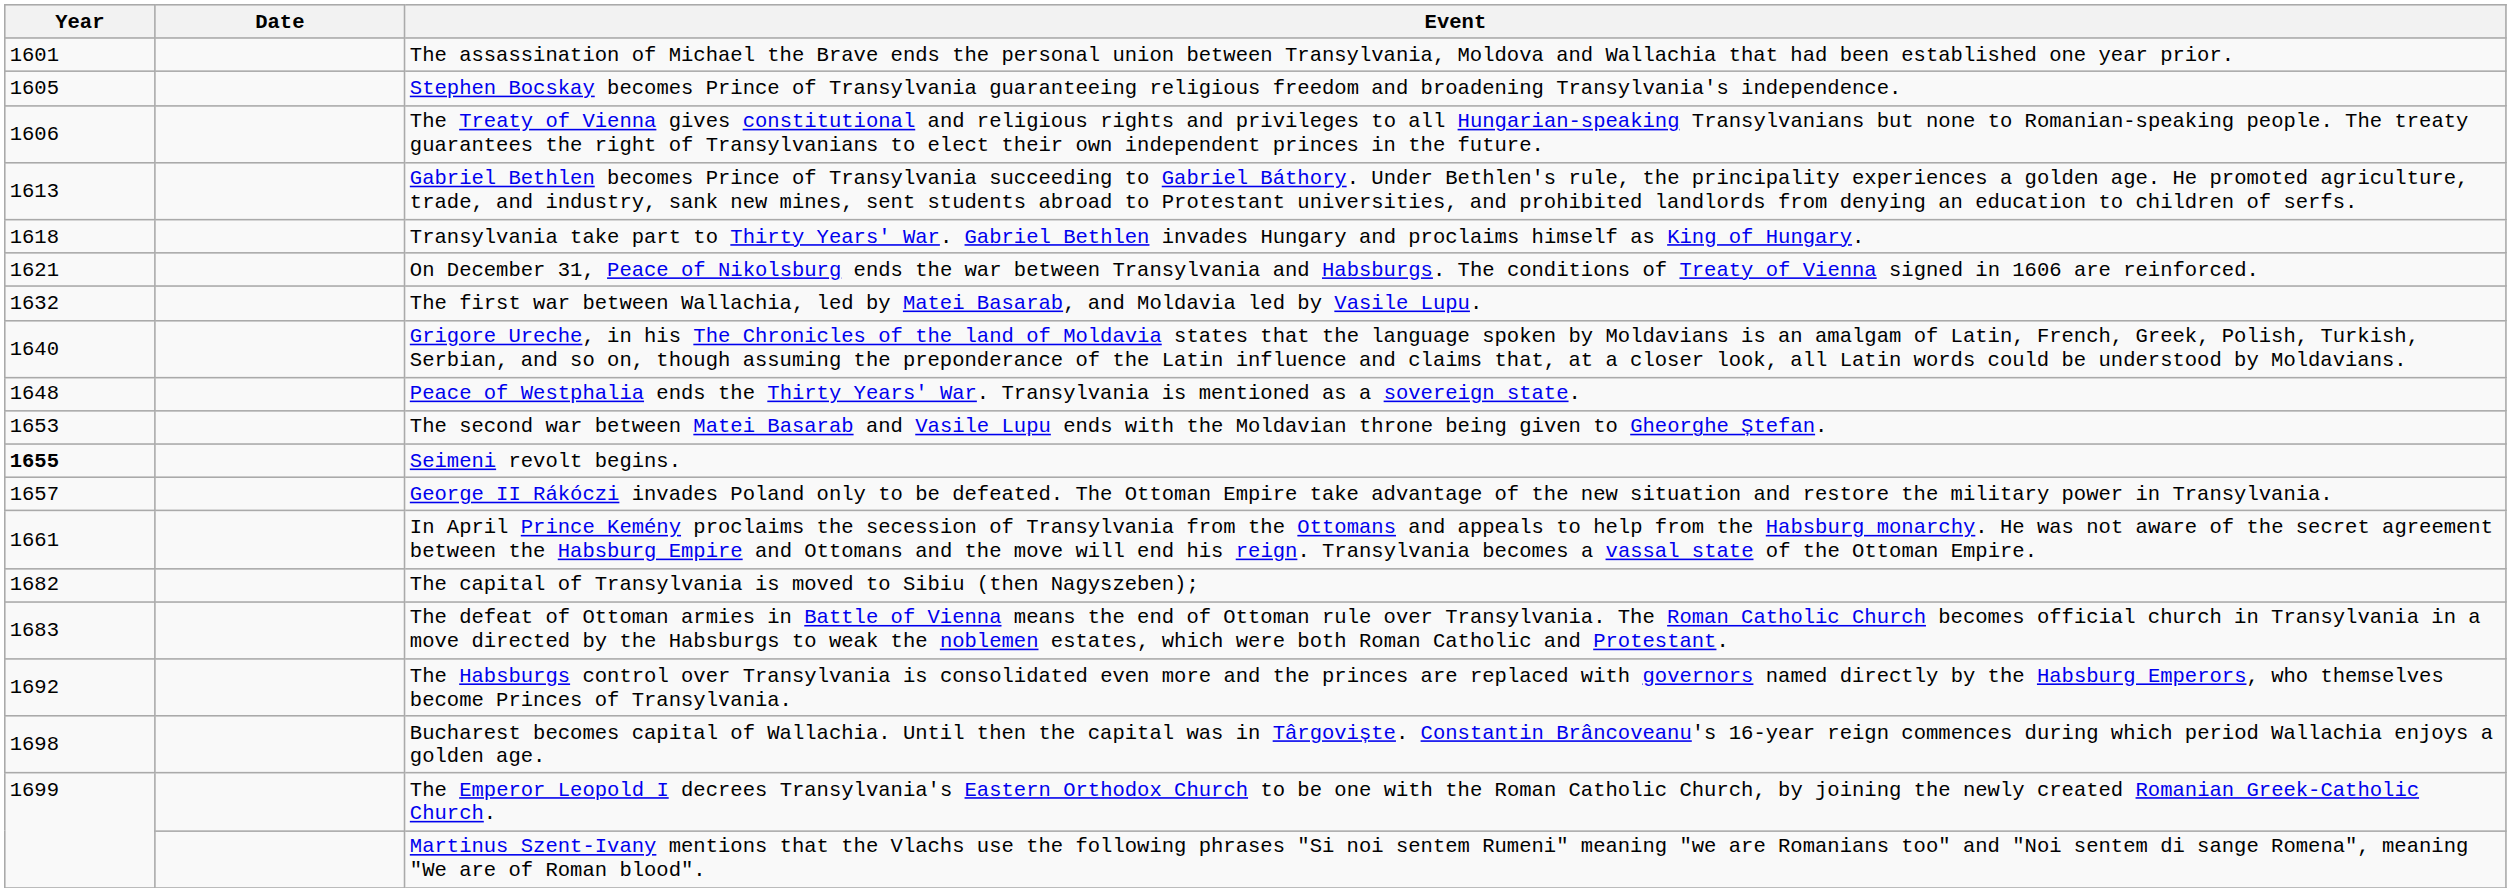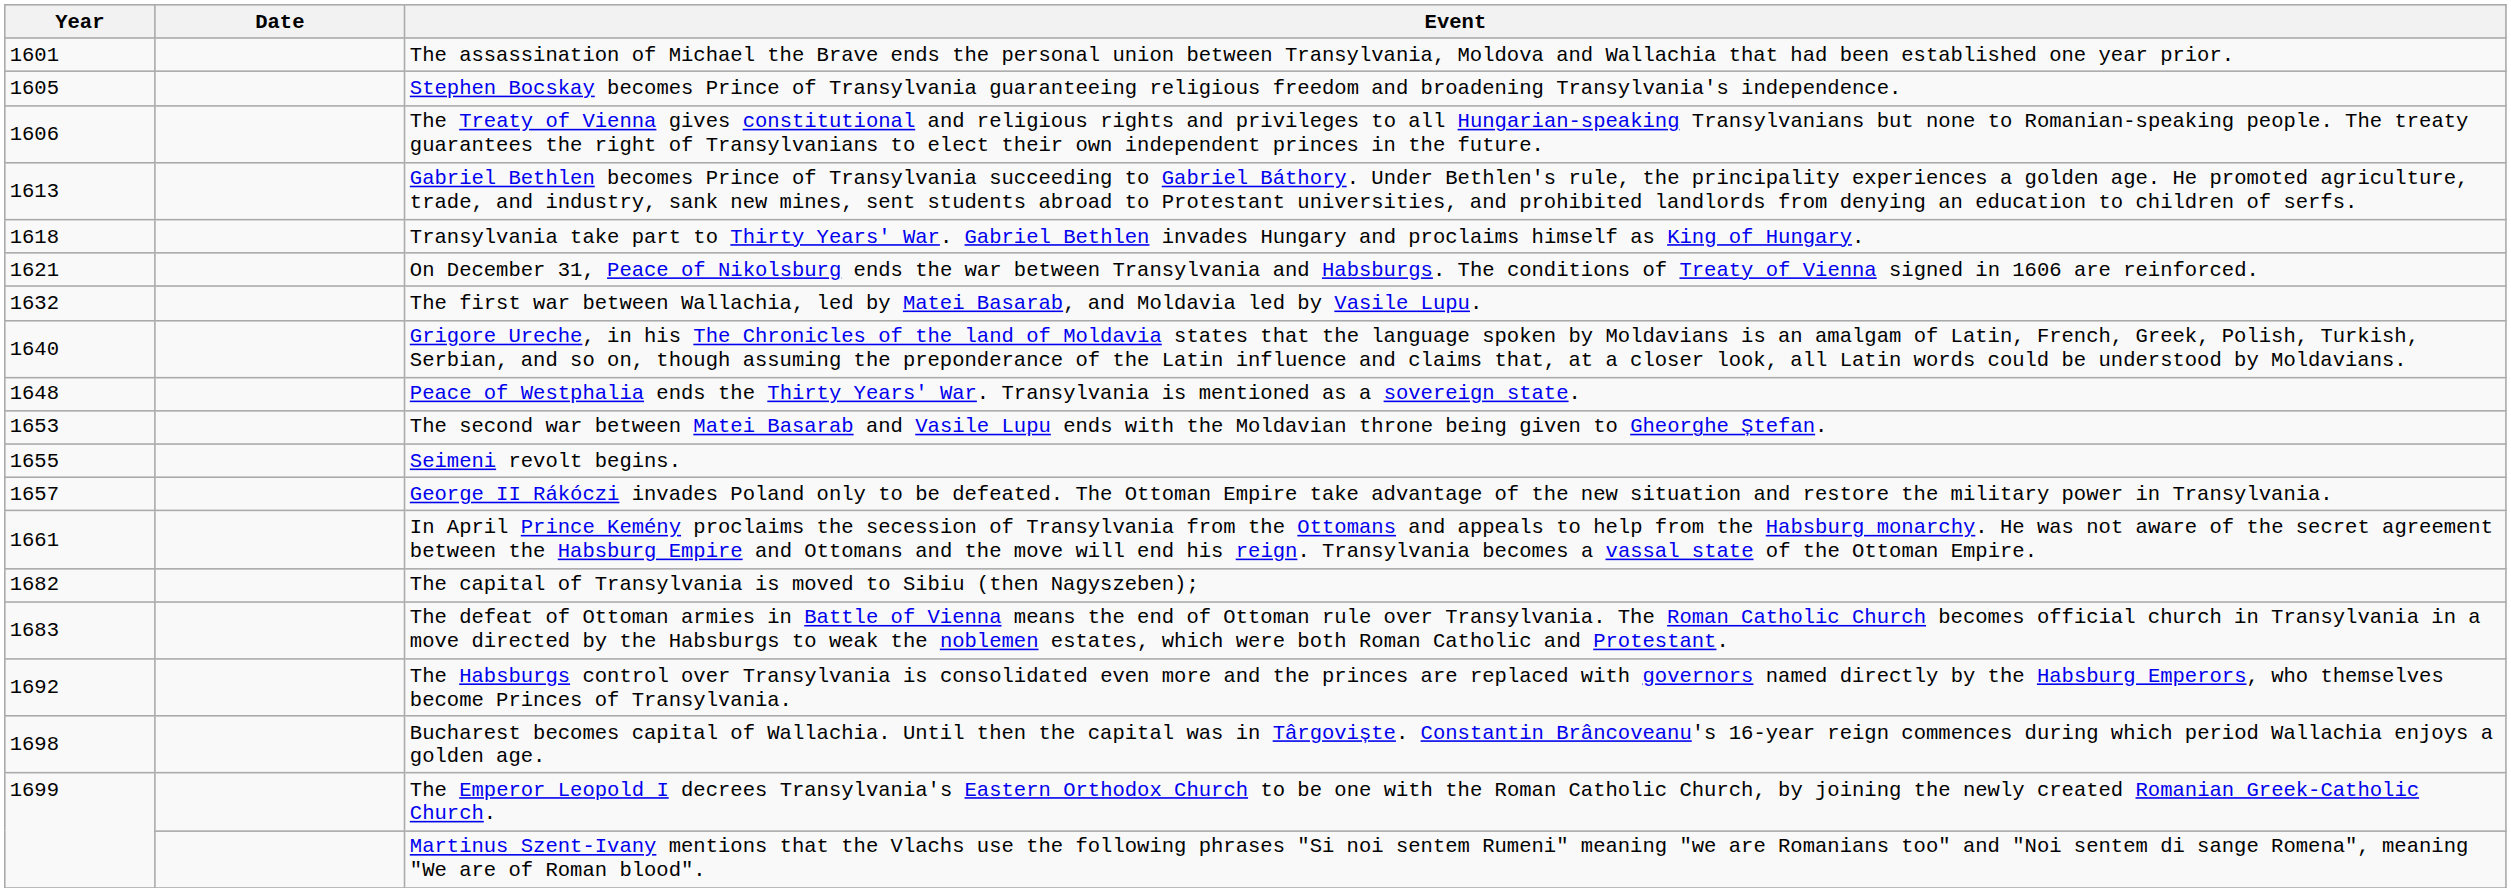 <table class="wikitable" width="100%">
 <tr>
 <th style="width:6%">Year</th>
 <th style="width:10%">Date</th>
 <th>Event</th>
 </tr>
 <tr>
 <td valign="top">1601</td>
 <td></td>
 <td>The assassination of Michael the Brave ends the personal union between Transylvania, Moldova and Wallachia that had been established one year prior.</td>
 </tr>
 <tr>
 <td>1605</td>
 <td></td>
 <td><a href='#'>Stephen Bocskay</a> becomes Prince of Transylvania guaranteeing religious freedom and broadening Transylvania's independence.</td>
 </tr>
 <tr>
 <td>1606</td>
 <td></td>
 <td>The <a href='#'>Treaty of Vienna</a> gives <a href='#'>constitutional</a> and religious rights and privileges to all <a href='#'>Hungarian-speaking</a> Transylvanians but none to Romanian-speaking people. The treaty guarantees the right of Transylvanians to elect their own independent princes in the future.</td>
 </tr>
 <tr>
 <td>1613</td>
 <td></td>
 <td><a href='#'>Gabriel Bethlen</a> becomes Prince of Transylvania succeeding to <a href='#'>Gabriel Báthory</a>. Under Bethlen's rule, the principality experiences a golden age. He promoted agriculture, trade, and industry, sank new mines, sent students abroad to Protestant universities, and prohibited landlords from denying an education to children of serfs.</td>
 </tr>
 <tr>
 <td>1618</td>
 <td></td>
 <td>Transylvania take part to <a href='#'>Thirty Years' War</a>. <a href='#'>Gabriel Bethlen</a> invades Hungary and proclaims himself as <a href='#'>King of Hungary</a>.</td>
 </tr>
 <tr>
 <td>1621</td>
 <td></td>
 <td>On December 31, <a href='#'>Peace of Nikolsburg</a> ends the war between Transylvania and <a href='#'>Habsburgs</a>. The conditions of <a href='#'>Treaty of Vienna</a> signed in 1606 are reinforced.</td>
 </tr>
 <tr>
 <td>1632</td>
 <td></td>
 <td>The first war between Wallachia, led by <a href='#'>Matei Basarab</a>, and Moldavia led by <a href='#'>Vasile Lupu</a>.</td>
 </tr>
 <tr>
 <td>1640</td>
 <td></td>
 <td><a href='#'>Grigore Ureche</a>, in his <a href='#'>The Chronicles of the land of Moldavia</a> states that the language spoken by Moldavians is an amalgam of Latin, French, Greek, Polish, Turkish, Serbian, and so on, though assuming the preponderance of the Latin influence and claims that, at a closer look, all Latin words could be understood by Moldavians.</td>
 </tr>
 <tr>
 <td>1648</td>
 <td></td>
 <td><a href='#'>Peace of Westphalia</a> ends the <a href='#'>Thirty Years' War</a>. Transylvania is mentioned as a <a href='#'>sovereign state</a>.</td>
 </tr>
 <tr>
 <td>1653</td>
 <td></td>
 <td>The second war between <a href='#'>Matei Basarab</a> and <a href='#'>Vasile Lupu</a> ends with the Moldavian throne being given to <a href='#'>Gheorghe Ștefan</a>.</td>
 </tr>
 <tr>
-<td><strong>1655</strong></td>
+<td>1655</td>
 <td></td>
 <td><a href='#'>Seimeni</a> revolt begins.</td>
 </tr>
 <tr>
 <td>1657</td>
 <td></td>
 <td><a href='#'>George II Rákóczi</a> invades Poland only to be defeated. The Ottoman Empire take advantage of the new situation and restore the military power in Transylvania.</td>
 </tr>
 <tr>
 <td>1661</td>
 <td></td>
 <td>In April <a href='#'>Prince Kemény</a> proclaims the secession of Transylvania from the <a href='#'>Ottomans</a> and appeals to help from the <a href='#'>Habsburg monarchy</a>. He was not aware of the secret agreement between the <a href='#'>Habsburg Empire</a> and Ottomans and the move will end his <a href='#'>reign</a>. Transylvania becomes a <a href='#'>vassal state</a> of the Ottoman Empire.</td>
 </tr>
 <tr>
 <td>1682</td>
 <td></td>
 <td>The capital of Transylvania is moved to Sibiu (then Nagyszeben);</td>
 </tr>
 <tr>
 <td>1683</td>
 <td></td>
 <td>The defeat of Ottoman armies in <a href='#'>Battle of Vienna</a> means the end of Ottoman rule over Transylvania. The <a href='#'>Roman Catholic Church</a> becomes official church in Transylvania in a move directed by the Habsburgs to weak the <a href='#'>noblemen</a> estates, which were both Roman Catholic and <a href='#'>Protestant</a>.</td>
 </tr>
 <tr>
 <td>1692</td>
 <td></td>
 <td>The <a href='#'>Habsburgs</a> control over Transylvania is consolidated even more and the princes are replaced with <a href='#'>governors</a> named directly by the <a href='#'>Habsburg Emperors</a>, who themselves become Princes of Transylvania.</td>
 </tr>
 <tr>
 <td>1698</td>
 <td></td>
 <td>Bucharest becomes capital of Wallachia. Until then the capital was in <a href='#'>Târgoviște</a>. <a href='#'>Constantin Brâncoveanu</a>'s 16-year reign commences during which period Wallachia enjoys a golden age.</td>
 </tr>
 <tr>
 <td rowspan="2" valign="top">1699</td>
 <td></td>
 <td>The <a href='#'>Emperor Leopold I</a> decrees Transylvania's <a href='#'>Eastern Orthodox Church</a> to be one with the Roman Catholic Church, by joining the newly created <a href='#'>Romanian Greek-Catholic Church</a>.</td>
 </tr>
 <tr>
 <td></td>
 <td><a href='#'>Martinus Szent-Ivany</a> mentions that the Vlachs use the following phrases "Si noi sentem Rumeni" meaning "we are Romanians too" and "Noi sentem di sange Romena", meaning "We are of Roman blood".</td>
 </tr>
 </table>
